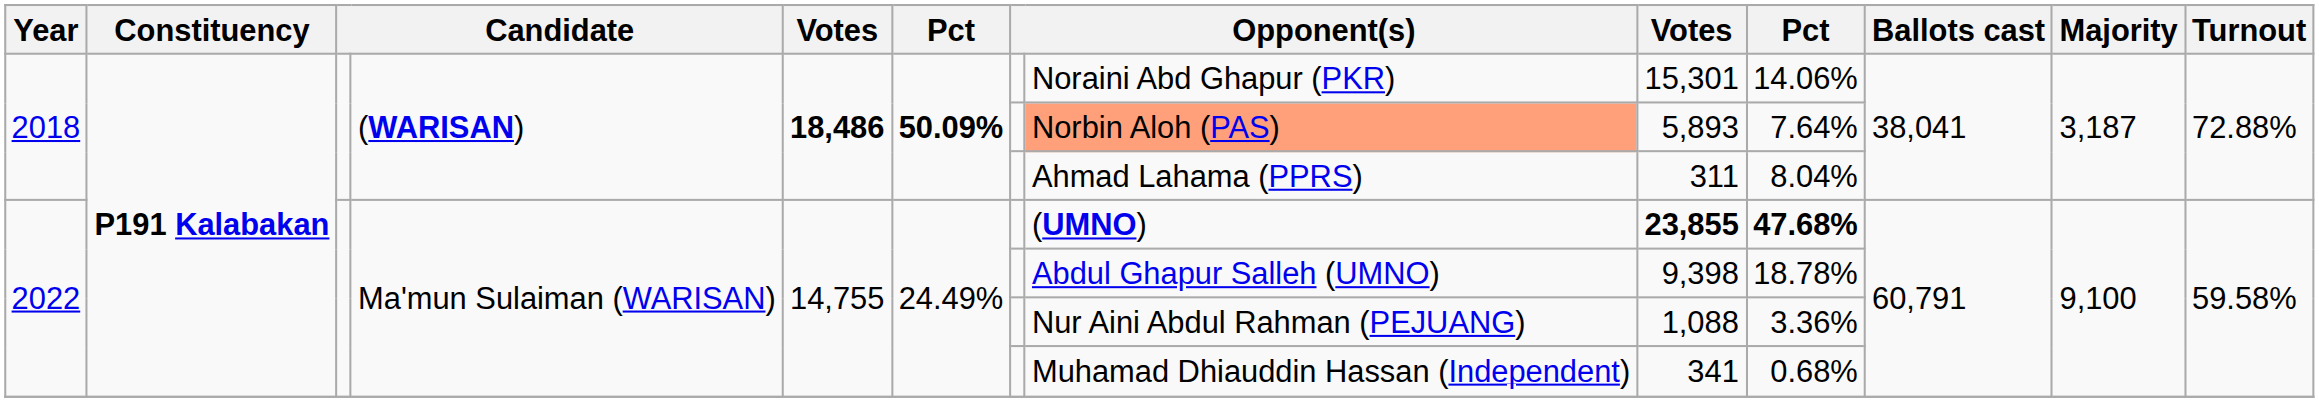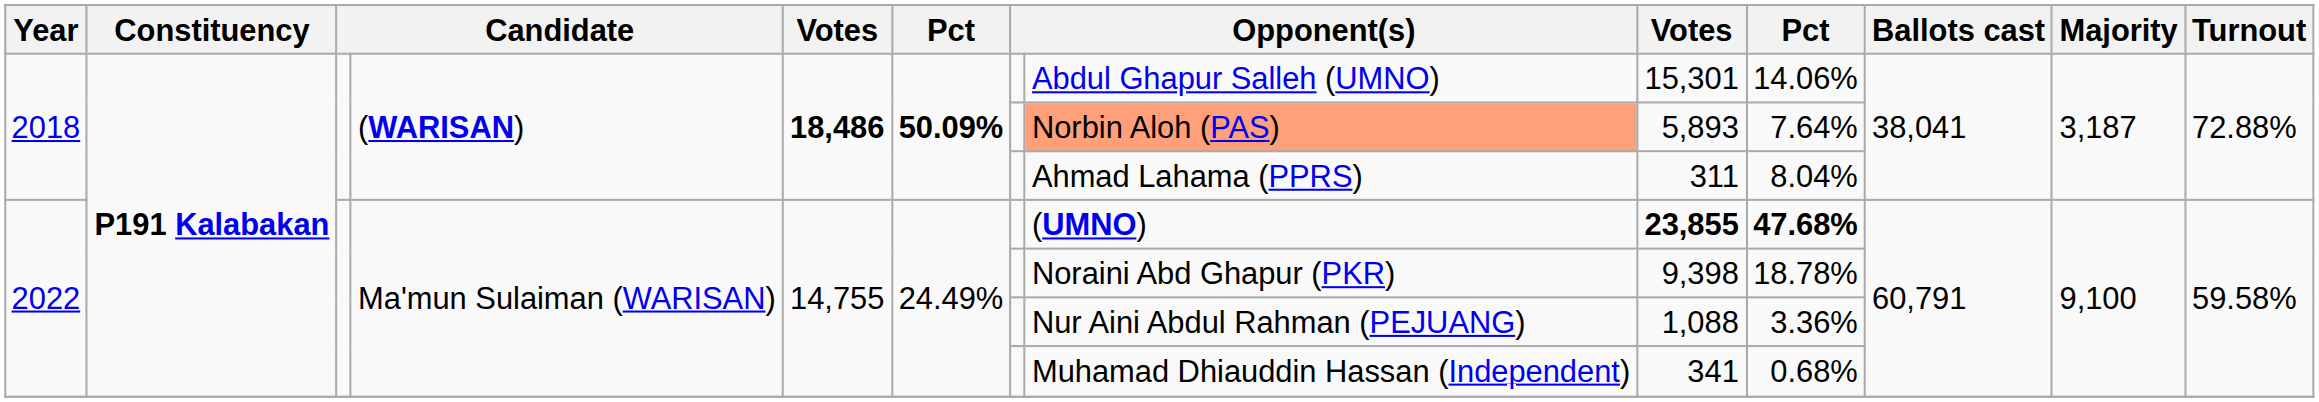 <table class="wikitable" style="margin:0.5em ; font-size:95%">
 <tr>
 <th>Year</th>
 <th>Constituency</th>
 <th colspan=2>Candidate</th>
 <th>Votes</th>
 <th>Pct</th>
 <th colspan=2>Opponent(s)</th>
 <th>Votes</th>
 <th>Pct</th>
 <th>Ballots cast</th>
 <th>Majority</th>
 <th>Turnout</th>
 </tr>
 <tr>
 <td rowspan=3><a href='#'>2018</a></td>
 <td rowspan="7"><strong>P191 <a href='#'>Kalabakan</a></strong></td>
 <td rowspan=3 ></td>
 <td rowspan=3> (<a href='#'><strong>WARISAN</strong></a>)</td>
 <td rowspan=3 align="right"><strong>18,486</strong></td>
 <td rowspan=3><strong>50.09%</strong></td>
 <td></td>
-<td>Noraini Abd Ghapur (<a href='#'>PKR</a>)</td>
+<td><a href='#'>Abdul Ghapur Salleh</a> (<a href='#'>UMNO</a>)</td>
 <td align="right">15,301</td>
 <td>14.06%</td>
 <td rowspan=3>38,041</td>
 <td rowspan=3>3,187</td>
 <td rowspan=3>72.88%</td>
 </tr>
 <tr>
 <td></td>
 <td style="background: lightsalmon;">Norbin Aloh (<a href='#'>PAS</a>)</td>
 <td align="right">5,893</td>
 <td align="right">7.64%</td>
 </tr>
 <tr>
 <td bgcolor=></td>
 <td>Ahmad Lahama (<a href='#'>PPRS</a>)</td>
 <td align="right">311</td>
 <td align="right">8.04%</td>
 </tr>
 <tr>
 <td rowspan="4"><a href='#'>2022</a></td>
 <td rowspan=4 ></td>
 <td rowspan="4">Ma'mun Sulaiman (<a href='#'>WARISAN</a>)</td>
 <td rowspan="4" align=right>14,755</td>
 <td rowspan="4">24.49%</td>
 <td></td>
 <td> (<a href='#'><strong>UMNO</strong></a>)</td>
 <td align=right><strong>23,855</strong></td>
 <td><strong>47.68%</strong></td>
 <td rowspan="4">60,791</td>
 <td rowspan="4">9,100</td>
 <td rowspan="4">59.58%</td>
 </tr>
 <tr>
 <td></td>
-<td><a href='#'>Abdul Ghapur Salleh</a> (<a href='#'>UMNO</a>)</td>
+<td>Noraini Abd Ghapur (<a href='#'>PKR</a>)</td>
 <td align=right>9,398</td>
 <td>18.78%</td>
 </tr>
 <tr>
 <td bgcolor=></td>
 <td>Nur Aini Abdul Rahman (<a href='#'>PEJUANG</a>)</td>
 <td align=right>1,088</td>
 <td align=right>3.36%</td>
 </tr>
 <tr>
 <td></td>
 <td>Muhamad Dhiauddin Hassan (<a href='#'>Independent</a>)</td>
 <td align=right>341</td>
 <td align=right>0.68%</td>
 </tr>
 <tr>
 </tr>
 </table>
